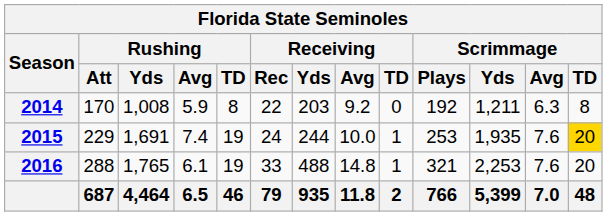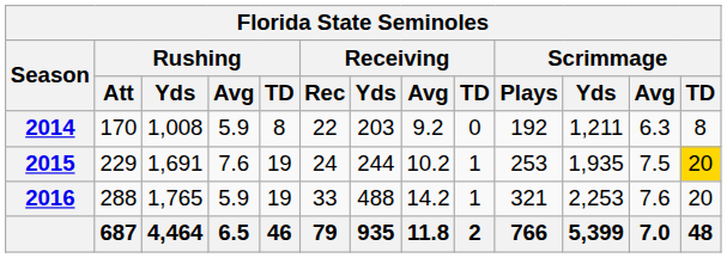 <table class=wikitable style="text-align:center;">
 <tr>
 <th colspan="13">Florida State Seminoles</th>
 </tr>
 <tr>
 <th rowspan="2">Season</th>
 <th colspan="4">Rushing</th>
 <th colspan="4">Receiving</th>
 <th colspan="4">Scrimmage</th>
 </tr>
 <tr>
 <th>Att</th>
 <th>Yds</th>
 <th>Avg</th>
 <th>TD</th>
 <th>Rec</th>
 <th>Yds</th>
 <th>Avg</th>
 <th>TD</th>
 <th>Plays</th>
 <th>Yds</th>
 <th>Avg</th>
 <th>TD</th>
 </tr>
 <tr>
 <th><a href='#'>2014</a></th>
 <td>170</td>
 <td>1,008</td>
 <td>5.9</td>
 <td>8</td>
 <td>22</td>
 <td>203</td>
 <td>9.2</td>
 <td>0</td>
 <td>192</td>
 <td>1,211</td>
 <td>6.3</td>
 <td>8</td>
 </tr>
 <tr>
 <th><a href='#'>2015</a></th>
 <td>229</td>
 <td>1,691</td>
-<td>7.4</td>
+<td>7.6</td>
 <td>19</td>
 <td>24</td>
 <td>244</td>
-<td>10.0</td>
+<td>10.2</td>
 <td>1</td>
 <td>253</td>
 <td>1,935</td>
-<td>7.6</td>
+<td>7.5</td>
 <td style="background: gold;">20</td>
 </tr>
 <tr>
 <th><a href='#'>2016</a></th>
 <td>288</td>
 <td>1,765</td>
-<td>6.1</td>
+<td>5.9</td>
 <td>19</td>
 <td>33</td>
 <td>488</td>
-<td>14.8</td>
+<td>14.2</td>
 <td>1</td>
 <td>321</td>
 <td>2,253</td>
 <td>7.6</td>
 <td>20</td>
 </tr>
 <tr>
 <th></th>
 <th>687</th>
 <th>4,464</th>
 <th>6.5</th>
 <th>46</th>
 <th>79</th>
 <th>935</th>
 <th>11.8</th>
 <th>2</th>
 <th>766</th>
 <th>5,399</th>
 <th>7.0</th>
 <th>48</th>
 </tr>
 </table>
